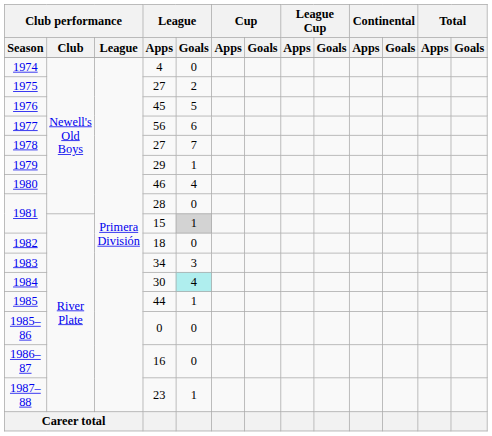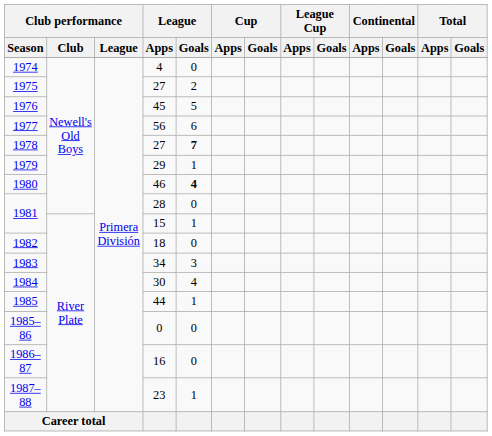 <table class="wikitable" style="text-align:center">
 <tr>
 <th colspan=3>Club performance</th>
 <th colspan=2>League</th>
 <th colspan=2>Cup</th>
 <th colspan=2>League Cup</th>
 <th colspan=2>Continental</th>
 <th colspan=2>Total</th>
 </tr>
 <tr>
 <th>Season</th>
 <th>Club</th>
 <th>League</th>
 <th>Apps</th>
 <th>Goals</th>
 <th>Apps</th>
 <th>Goals</th>
 <th>Apps</th>
 <th>Goals</th>
 <th>Apps</th>
 <th>Goals</th>
 <th>Apps</th>
 <th>Goals</th>
 </tr>
 <tr>
 </tr>
 <tr>
 <td><a href='#'>1974</a></td>
 <td rowspan="8"><a href='#'>Newell's Old Boys</a></td>
 <td rowspan="16"><a href='#'>Primera División</a></td>
 <td>4</td>
 <td>0</td>
 <td></td>
 <td></td>
 <td></td>
 <td></td>
 <td></td>
 <td></td>
 <td></td>
 <td></td>
 </tr>
 <tr>
 <td><a href='#'>1975</a></td>
 <td>27</td>
 <td>2</td>
 <td></td>
 <td></td>
 <td></td>
 <td></td>
 <td></td>
 <td></td>
 <td></td>
 <td></td>
 </tr>
 <tr>
 <td><a href='#'>1976</a></td>
 <td>45</td>
 <td>5</td>
 <td></td>
 <td></td>
 <td></td>
 <td></td>
 <td></td>
 <td></td>
 <td></td>
 <td></td>
 </tr>
 <tr>
 <td><a href='#'>1977</a></td>
 <td>56</td>
 <td>6</td>
 <td></td>
 <td></td>
 <td></td>
 <td></td>
 <td></td>
 <td></td>
 <td></td>
 <td></td>
 </tr>
 <tr>
 <td><a href='#'>1978</a></td>
 <td>27</td>
-<td>7</td>
+<td><strong>7</strong></td>
 <td></td>
 <td></td>
 <td></td>
 <td></td>
 <td></td>
 <td></td>
 <td></td>
 <td></td>
 </tr>
 <tr>
 <td><a href='#'>1979</a></td>
 <td>29</td>
 <td>1</td>
 <td></td>
 <td></td>
 <td></td>
 <td></td>
 <td></td>
 <td></td>
 <td></td>
 <td></td>
 </tr>
 <tr>
 <td><a href='#'>1980</a></td>
 <td>46</td>
-<td>4</td>
+<td><strong>4</strong></td>
 <td></td>
 <td></td>
 <td></td>
 <td></td>
 <td></td>
 <td></td>
 <td></td>
 <td></td>
 </tr>
 <tr>
 <td rowspan="2"><a href='#'>1981</a></td>
 <td>28</td>
 <td>0</td>
 <td></td>
 <td></td>
 <td></td>
 <td></td>
 <td></td>
 <td></td>
 <td></td>
 <td></td>
 </tr>
 <tr>
 <td rowspan="8"><a href='#'>River Plate</a></td>
 <td>15</td>
-<td style="background: lightgrey;">1</td>
+<td>1</td>
 <td></td>
 <td></td>
 <td></td>
 <td></td>
 <td></td>
 <td></td>
 <td></td>
 <td></td>
 </tr>
 <tr>
 <td><a href='#'>1982</a></td>
 <td>18</td>
 <td>0</td>
 <td></td>
 <td></td>
 <td></td>
 <td></td>
 <td></td>
 <td></td>
 <td></td>
 <td></td>
 </tr>
 <tr>
 <td><a href='#'>1983</a></td>
 <td>34</td>
 <td>3</td>
 <td></td>
 <td></td>
 <td></td>
 <td></td>
 <td></td>
 <td></td>
 <td></td>
 <td></td>
 </tr>
 <tr>
 <td><a href='#'>1984</a></td>
 <td>30</td>
-<td style="background: paleturquoise;">4</td>
+<td>4</td>
 <td></td>
 <td></td>
 <td></td>
 <td></td>
 <td></td>
 <td></td>
 <td></td>
 <td></td>
 </tr>
 <tr>
 <td><a href='#'>1985</a></td>
 <td>44</td>
 <td>1</td>
 <td></td>
 <td></td>
 <td></td>
 <td></td>
 <td></td>
 <td></td>
 <td></td>
 <td></td>
 </tr>
 <tr>
 <td><a href='#'>1985–86</a></td>
 <td>0</td>
 <td>0</td>
 <td></td>
 <td></td>
 <td></td>
 <td></td>
 <td></td>
 <td></td>
 <td></td>
 <td></td>
 </tr>
 <tr>
 <td><a href='#'>1986–87</a></td>
 <td>16</td>
 <td>0</td>
 <td></td>
 <td></td>
 <td></td>
 <td></td>
 <td></td>
 <td></td>
 <td></td>
 <td></td>
 </tr>
 <tr>
 <td><a href='#'>1987–88</a></td>
 <td>23</td>
 <td>1</td>
 <td></td>
 <td></td>
 <td></td>
 <td></td>
 <td></td>
 <td></td>
 <td></td>
 <td></td>
 </tr>
 <tr>
 <th colspan=3>Career total</th>
 <th></th>
 <th></th>
 <th></th>
 <th></th>
 <th></th>
 <th></th>
 <th></th>
 <th></th>
 <th></th>
 <th></th>
 </tr>
 </table>
